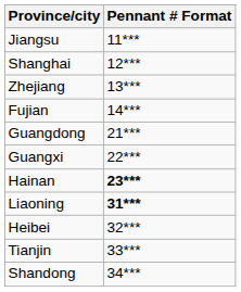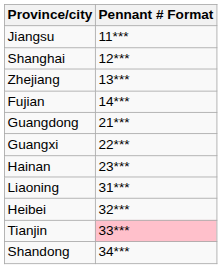 <table class="wikitable">
 <tr>
 <th>Province/city</th>
 <th>Pennant # Format</th>
 </tr>
 <tr>
 <td>Jiangsu</td>
 <td>11***</td>
 </tr>
 <tr>
 <td>Shanghai</td>
 <td>12***</td>
 </tr>
 <tr>
 <td>Zhejiang</td>
 <td>13***</td>
 </tr>
 <tr>
 <td>Fujian</td>
 <td>14***</td>
 </tr>
 <tr>
 <td>Guangdong</td>
 <td>21***</td>
 </tr>
 <tr>
 <td>Guangxi</td>
 <td>22***</td>
 </tr>
 <tr>
 <td>Hainan</td>
-<td><strong>23***</strong></td>
+<td>23***</td>
 </tr>
 <tr>
 <td>Liaoning</td>
-<td><strong>31***</strong></td>
+<td>31***</td>
 </tr>
 <tr>
 <td>Heibei</td>
 <td>32***</td>
 </tr>
 <tr>
 <td>Tianjin</td>
-<td>33***</td>
+<td style="background: pink;">33***</td>
 </tr>
 <tr>
 <td>Shandong</td>
 <td>34***</td>
 </tr>
 </table>
